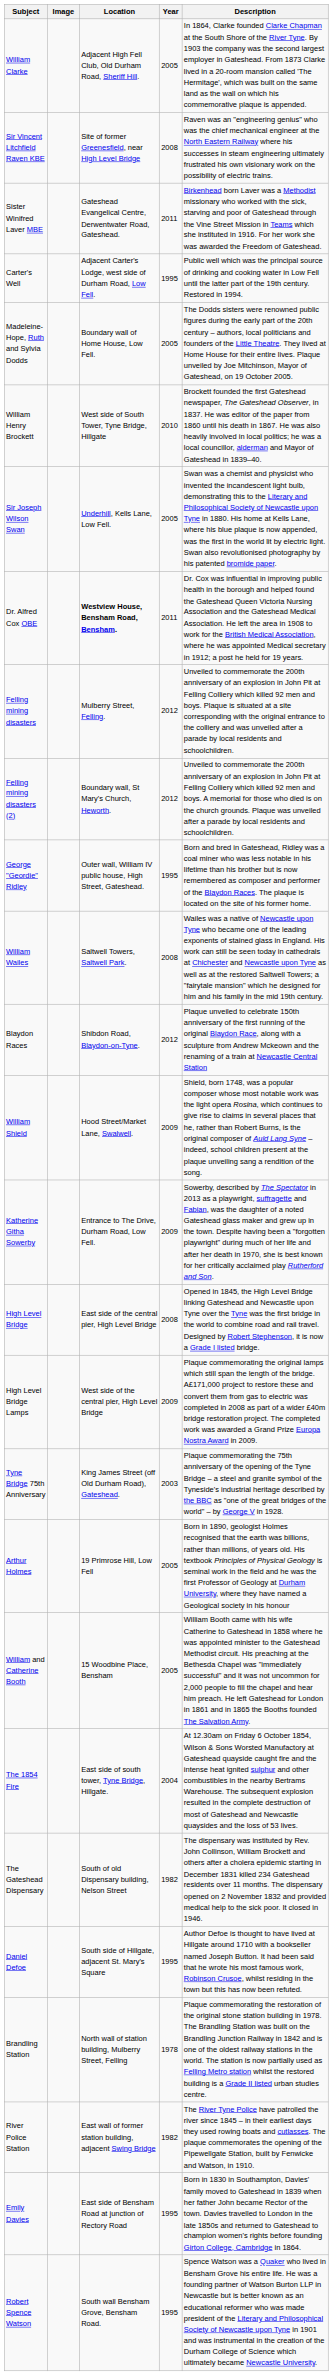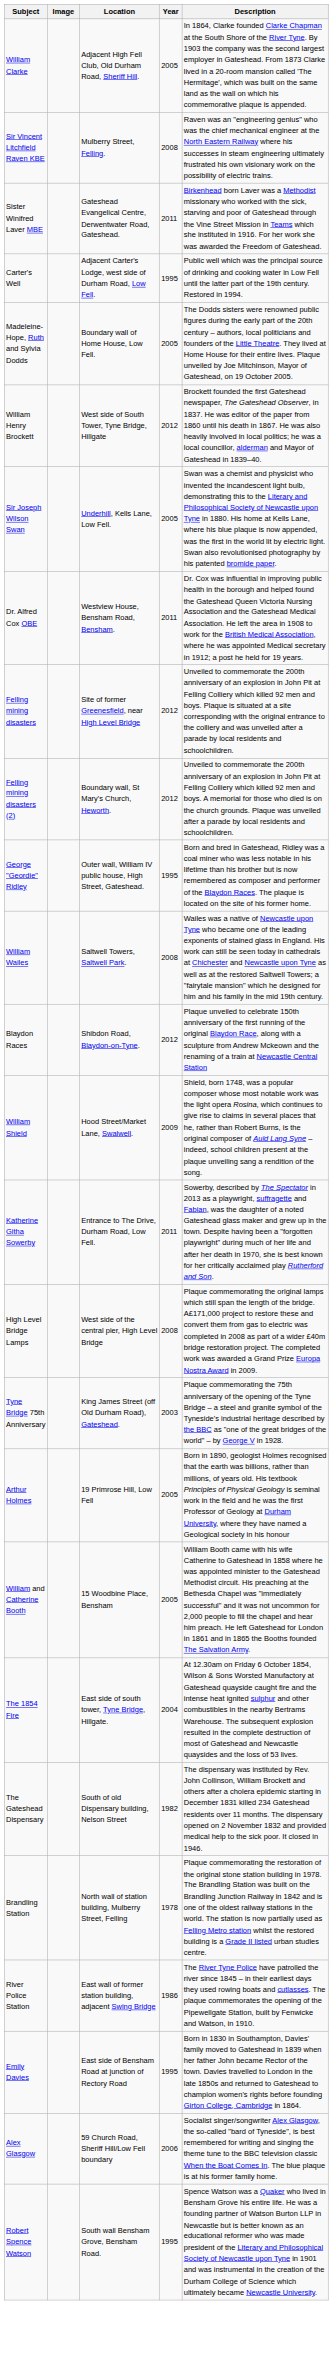 <table class="wikitable sortable" style="font-size:90%;width:100%;border:0px;text-align:left;line-height:150%;">
 <tr>
 <th width="12%">Subject</th>
 <th width="10%" class="unsortable">Image</th>
 <th width="25%">Location</th>
 <th width="7%">Year</th>
 <th width="46%" class="unsortable">Description</th>
 </tr>
 <tr>
 <td><a href='#'>William Clarke</a></td>
 <td></td>
 <td>Adjacent High Fell Club, Old Durham Road, <a href='#'>Sheriff Hill</a>.</td>
 <td>2005</td>
 <td>In 1864, Clarke founded <a href='#'>Clarke Chapman</a> at the South Shore of the <a href='#'>River Tyne</a>. By 1903 the company was the second largest employer in Gateshead. From 1873 Clarke lived in a 20-room mansion called 'The Hermitage', which was built on the same land as the wall on which his commemorative plaque is appended.</td>
 </tr>
 <tr>
 <td><a href='#'>Sir Vincent Litchfield Raven KBE</a></td>
 <td></td>
-<td>Site of former <a href='#'>Greenesfield</a>, near <a href='#'>High Level Bridge</a></td>
+<td>Mulberry Street, <a href='#'>Felling</a>.</td>
 <td>2008</td>
 <td>Raven was an "engineering genius" who was the chief mechanical engineer at the <a href='#'>North Eastern Railway</a> where his successes in steam engineering ultimately frustrated his own visionary work on the possibility of electric trains.</td>
 </tr>
 <tr>
 <td>Sister Winifred Laver <a href='#'>MBE</a></td>
 <td></td>
 <td>Gateshead Evangelical Centre, Derwentwater Road, Gateshead.</td>
 <td>2011</td>
 <td><a href='#'>Birkenhead</a> born Laver was a <a href='#'>Methodist</a> missionary who worked with the sick, starving and poor of Gateshead through the Vine Street Mission in <a href='#'>Teams</a> which she instituted in 1916. For her work she was awarded the Freedom of Gateshead.</td>
 </tr>
 <tr>
 <td>Carter's Well</td>
 <td></td>
 <td>Adjacent Carter's Lodge, west side of Durham Road, <a href='#'>Low Fell</a>.</td>
 <td>1995</td>
 <td>Public well which was the principal source of drinking and cooking water in Low Fell until the latter part of the 19th century. Restored in 1994.</td>
 </tr>
 <tr>
 <td>Madeleine-Hope, <a href='#'>Ruth</a> and Sylvia Dodds</td>
 <td></td>
 <td>Boundary wall of Home House, Low Fell.</td>
 <td>2005</td>
 <td>The Dodds sisters were renowned public figures during the early part of the 20th century – authors, local politicians and founders of the <a href='#'>Little Theatre</a>. They lived at Home House for their entire lives. Plaque unveiled by Joe Mitchinson, Mayor of Gateshead, on 19 October 2005.</td>
 </tr>
 <tr>
 <td>William Henry Brockett</td>
 <td></td>
 <td>West side of South Tower, Tyne Bridge, Hillgate</td>
-<td>2010</td>
+<td>2012</td>
 <td>Brockett founded the first Gateshead newspaper, <em>The Gateshead Observer</em>, in 1837. He was editor of the paper from 1860 until his death in 1867. He was also heavily involved in local politics; he was a local councillor, <a href='#'>alderman</a> and Mayor of Gateshead in 1839–40.</td>
 </tr>
 <tr>
 <td><a href='#'>Sir Joseph Wilson Swan</a></td>
 <td></td>
 <td><a href='#'>Underhill</a>, Kells Lane, Low Fell.</td>
 <td>2005</td>
 <td>Swan was a chemist and physicist who invented the incandescent light bulb, demonstrating this to the <a href='#'>Literary and Philosophical Society of Newcastle upon Tyne</a> in 1880. His home at Kells Lane, where his blue plaque is now appended, was the first in the world lit by electric light. Swan also revolutionised photography by his patented <a href='#'>bromide paper</a>.</td>
 </tr>
 <tr>
 <td>Dr. Alfred Cox <a href='#'>OBE</a></td>
 <td></td>
-<td><strong>Westview House, Bensham Road, <a href='#'>Bensham</a>.</strong></td>
+<td>Westview House, Bensham Road, <a href='#'>Bensham</a>.</td>
 <td>2011</td>
 <td>Dr. Cox was influential in improving public health in the borough and helped found the Gateshead Queen Victoria Nursing Association and the Gateshead Medical Association. He left the area in 1908 to work for the <a href='#'>British Medical Association</a>, where he was appointed Medical secretary in 1912; a post he held for 19 years.</td>
 </tr>
 <tr>
 <td><a href='#'>Felling mining disasters</a></td>
 <td></td>
-<td>Mulberry Street, <a href='#'>Felling</a>.</td>
+<td>Site of former <a href='#'>Greenesfield</a>, near <a href='#'>High Level Bridge</a></td>
 <td>2012</td>
 <td>Unveiled to commemorate the 200th anniversary of an explosion in John Pit at Felling Colliery which killed 92 men and boys. Plaque is situated at a site corresponding with the original entrance to the colliery and was unveiled after a parade by local residents and schoolchildren.</td>
 </tr>
 <tr>
 <td><a href='#'>Felling mining disasters (2)</a></td>
 <td></td>
 <td>Boundary wall, St Mary's Church, <a href='#'>Heworth</a>.</td>
 <td>2012</td>
 <td>Unveiled to commemorate the 200th anniversary of an explosion in John Pit at Felling Colliery which killed 92 men and boys. A memorial for those who died is on the church grounds. Plaque was unveiled after a parade by local residents and schoolchildren.</td>
 </tr>
 <tr>
 <td><a href='#'>George "Geordie" Ridley</a></td>
 <td></td>
 <td>Outer wall, William IV public house, High Street, Gateshead.</td>
 <td>1995</td>
 <td>Born and bred in Gateshead, Ridley was a coal miner who was less notable in his lifetime than his brother but is now remembered as composer and performer of the <a href='#'>Blaydon Races</a>. The plaque is located on the site of his former home.</td>
 </tr>
 <tr>
 <td><a href='#'>William Wailes</a></td>
 <td></td>
 <td>Saltwell Towers, <a href='#'>Saltwell Park</a>.</td>
 <td>2008</td>
 <td>Wailes was a native of <a href='#'>Newcastle upon Tyne</a> who became one of the leading exponents of stained glass in England. His work can still be seen today in cathedrals at <a href='#'>Chichester</a> and <a href='#'>Newcastle upon Tyne</a> as well as at the restored Saltwell Towers; a "fairytale mansion" which he designed for him and his family in the mid 19th century.</td>
 </tr>
 <tr>
 <td>Blaydon Races</td>
 <td></td>
 <td>Shibdon Road, <a href='#'>Blaydon-on-Tyne</a>.</td>
 <td>2012</td>
 <td>Plaque unveiled to celebrate 150th anniversary of the first running of the original <a href='#'>Blaydon Race</a>, along with a sculpture from Andrew Mckeown and the renaming of a train at <a href='#'>Newcastle Central Station</a></td>
 </tr>
 <tr>
 <td><a href='#'>William Shield</a></td>
 <td></td>
 <td>Hood Street/Market Lane, <a href='#'>Swalwell</a>.</td>
 <td>2009</td>
 <td>Shield, born 1748, was a popular composer whose most notable work was the light opera <em>Rosina</em>, which continues to give rise to claims in several places that he, rather than Robert Burns, is the original composer of <em><a href='#'>Auld Lang Syne</a></em> – indeed, school children present at the plaque unveiling sang a rendition of the song.</td>
 </tr>
 <tr>
 <td><a href='#'>Katherine Githa Sowerby</a></td>
 <td></td>
 <td>Entrance to The Drive, Durham Road, Low Fell.</td>
-<td>2009</td>
+<td>2011</td>
 <td>Sowerby, described by <em><a href='#'>The Spectator</a></em> in 2013 as a playwright, <a href='#'>suffragette</a> and <a href='#'>Fabian</a>, was the daughter of a noted Gateshead glass maker and grew up in the town. Despite having been a "forgotten playwright" during much of her life and after her death in 1970, she is best known for her critically acclaimed play <em><a href='#'>Rutherford and Son</a></em>.</td>
-</tr>
-<tr>
-<td><a href='#'>High Level Bridge</a></td>
-<td></td>
-<td>East side of the central pier, High Level Bridge</td>
-<td>2008</td>
-<td>Opened in 1845, the High Level Bridge linking Gateshead and Newcastle upon Tyne over the <a href='#'>Tyne</a> was the first bridge in the world to combine road and rail travel. Designed by <a href='#'>Robert Stephenson</a>, it is now a <a href='#'>Grade I listed</a> bridge.</td>
 </tr>
 <tr>
 <td>High Level Bridge Lamps</td>
 <td></td>
 <td>West side of the central pier, High Level Bridge</td>
-<td>2009</td>
+<td>2008</td>
 <td>Plaque commemorating the original lamps which still span the length of the bridge. A£171,000 project to restore these and convert them from gas to electric was completed in 2008 as part of a wider £40m bridge restoration project. The completed work was awarded a Grand Prize <a href='#'>Europa Nostra Award</a> in 2009.</td>
 </tr>
 <tr>
 <td><a href='#'>Tyne Bridge</a> 75th Anniversary</td>
 <td></td>
 <td>King James Street (off Old Durham Road), <a href='#'>Gateshead</a>.</td>
 <td>2003</td>
 <td>Plaque commemorating the 75th anniversary of the opening of the Tyne Bridge – a steel and granite symbol of the Tyneside's industrial heritage described by <a href='#'>the BBC</a> as "one of the great bridges of the world" – by <a href='#'>George V</a> in 1928.</td>
 </tr>
 <tr>
 <td><a href='#'>Arthur Holmes</a></td>
 <td></td>
 <td>19 Primrose Hill, Low Fell</td>
 <td>2005</td>
 <td>Born in 1890, geologist Holmes recognised that the earth was billions, rather than millions, of years old. His textbook <em>Principles of Physical Geology</em> is seminal work in the field and he was the first Professor of Geology at <a href='#'>Durham University</a>, where they have named a Geological society in his honour</td>
 </tr>
 <tr>
 <td><a href='#'>William</a> and <a href='#'>Catherine Booth</a></td>
 <td></td>
 <td>15 Woodbine Place, Bensham</td>
 <td>2005</td>
 <td>William Booth came with his wife Catherine to Gateshead in 1858 where he was appointed minister to the Gateshead Methodist circuit. His preaching at the Bethesda Chapel was "immediately successful" and it was not uncommon for 2,000 people to fill the chapel and hear him preach. He left Gateshead for London in 1861 and in 1865 the Booths founded <a href='#'>The Salvation Army</a>.</td>
 </tr>
 <tr>
 <td><a href='#'>The 1854 Fire</a></td>
 <td></td>
 <td>East side of south tower, <a href='#'>Tyne Bridge</a>, Hillgate.</td>
 <td>2004</td>
 <td>At 12.30am on Friday 6 October 1854, Wilson & Sons Worsted Manufactory at Gateshead quayside caught fire and the intense heat ignited <a href='#'>sulphur</a> and other combustibles in the nearby Bertrams Warehouse. The subsequent explosion resulted in the complete destruction of most of Gateshead and Newcastle quaysides and the loss of 53 lives.</td>
 </tr>
 <tr>
 <td>The Gateshead Dispensary</td>
 <td></td>
 <td>South of old Dispensary building, Nelson Street</td>
 <td>1982</td>
 <td>The dispensary was instituted by Rev. John Collinson, William Brockett and others after a cholera epidemic starting in December 1831 killed 234 Gateshead residents over 11 months. The dispensary opened on 2 November 1832 and provided medical help to the sick poor. It closed in 1946.</td>
 </tr>
 <tr>
-<td><a href='#'>Daniel Defoe</a></td>
-<td></td>
-<td>South side of Hillgate, adjacent St. Mary's Square</td>
-<td>1995</td>
-<td>Author Defoe is thought to have lived at Hillgate around 1710 with a bookseller named Joseph Button. It had been said that he wrote his most famous work, <a href='#'>Robinson Crusoe</a>, whilst residing in the town but this has now been refuted.</td>
-</tr>
-<tr>
 <td>Brandling Station</td>
 <td></td>
 <td>North wall of station building, Mulberry Street, Felling</td>
 <td>1978</td>
 <td>Plaque commemorating the restoration of the original stone station building in 1978. The Brandling Station was built on the Brandling Junction Railway in 1842 and is one of the oldest railway stations in the world. The station is now partially used as <a href='#'>Felling Metro station</a> whilst the restored building is a <a href='#'>Grade II listed</a> urban studies centre.</td>
 </tr>
 <tr>
 <td>River Police Station</td>
 <td></td>
 <td>East wall of former station building, adjacent <a href='#'>Swing Bridge</a></td>
-<td>1982</td>
+<td>1986</td>
 <td>The <a href='#'>River Tyne Police</a> have patrolled the river since 1845 – in their earliest days they used rowing boats and <a href='#'>cutlasses</a>. The plaque commemorates the opening of the Pipewellgate Station, built by Fenwicke and Watson, in 1910.</td>
 </tr>
 <tr>
 <td><a href='#'>Emily Davies</a></td>
 <td></td>
 <td>East side of Bensham Road at junction of Rectory Road</td>
 <td>1995</td>
 <td>Born in 1830 in Southampton, Davies' family moved to Gateshead in 1839 when her father John became Rector of the town. Davies travelled to London in the late 1850s and returned to Gateshead to champion women's rights before founding <a href='#'>Girton College, Cambridge</a> in 1864.</td>
+</tr>
+<tr>
+<td><a href='#'>Alex Glasgow</a></td>
+<td></td>
+<td>59 Church Road, Sheriff Hill/Low Fell boundary</td>
+<td>2006</td>
+<td>Socialist singer/songwriter <a href='#'>Alex Glasgow</a>, the so-called "bard of Tyneside", is best remembered for writing and singing the theme tune to the BBC television classic <a href='#'>When the Boat Comes In</a>. The blue plaque is at his former family home.</td>
 </tr>
 <tr>
 <td><a href='#'>Robert Spence Watson</a></td>
 <td></td>
 <td>South wall Bensham Grove, Bensham Road.</td>
 <td>1995</td>
 <td>Spence Watson was a <a href='#'>Quaker</a> who lived in Bensham Grove his entire life. He was a founding partner of Watson Burton LLP in Newcastle but is better known as an educational reformer who was made president of the <a href='#'>Literary and Philosophical Society of Newcastle upon Tyne</a> in 1901 and was instrumental in the creation of the Durham College of Science which ultimately became <a href='#'>Newcastle University</a>.</td>
 </tr>
 <tr>
 </tr>
 </table>
